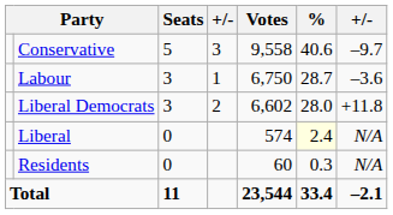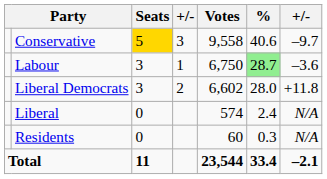 <table class="wikitable sortable">
 <tr>
 <th colspan="2">Party</th>
 <th>Seats</th>
 <th>+/-</th>
 <th>Votes</th>
 <th>%</th>
 <th>+/-</th>
 </tr>
 <tr>
 <td style="background-color: "></td>
 <td><a href='#'>Conservative</a></td>
-<td>5</td>
+<td style="background: gold;">5</td>
 <td> 3</td>
 <td style="text-align:right;">9,558</td>
 <td style="text-align:right;">40.6</td>
 <td style="text-align:right;">–9.7</td>
 </tr>
 <tr>
 <td style="background-color: "></td>
 <td><a href='#'>Labour</a></td>
 <td>3</td>
 <td> 1</td>
 <td style="text-align:right;">6,750</td>
-<td style="text-align:right;">28.7</td>
+<td style="background: lightgreen; text-align:right;">28.7</td>
 <td style="text-align:right;">–3.6</td>
 </tr>
 <tr>
 <td style="background-color: "></td>
 <td><a href='#'>Liberal Democrats</a></td>
 <td>3</td>
 <td> 2</td>
 <td style="text-align:right;">6,602</td>
 <td style="text-align:right;">28.0</td>
 <td style="text-align:right;">+11.8</td>
 </tr>
 <tr>
 <td style="background-color: "></td>
 <td><a href='#'>Liberal</a></td>
 <td>0</td>
 <td></td>
 <td style="text-align:right;">574</td>
-<td style="background: lightyellow; text-align:right;">2.4</td>
+<td style="text-align:right;">2.4</td>
 <td style="text-align:right;"><em>N/A</em></td>
 </tr>
 <tr>
 <td style="background-color: "></td>
 <td><a href='#'>Residents</a></td>
 <td>0</td>
 <td></td>
 <td style="text-align:right;">60</td>
 <td style="text-align:right;">0.3</td>
 <td style="text-align:right;"><em>N/A</em></td>
 </tr>
 <tr>
 <td colspan="2"><strong>Total</strong></td>
 <td><strong>11</strong></td>
 <td></td>
 <td style="text-align:right;"><strong>23,544</strong></td>
 <td style="text-align:right;"><strong>33.4</strong></td>
 <td style="text-align:right;"><strong>–2.1</strong></td>
 </tr>
 </table>
